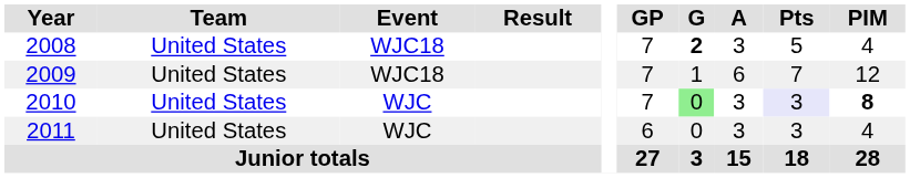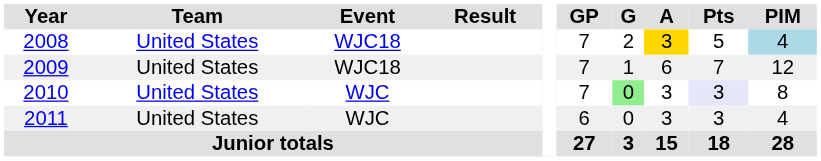 <table border="0" cellpadding="1" cellspacing="0" style="text-align:center; width:40em">
 <tr ALIGN="center" bgcolor="#e0e0e0">
 <th>Year</th>
 <th>Team</th>
 <th>Event</th>
 <th>Result</th>
 <th rowspan="99" bgcolor="#ffffff"> </th>
 <th>GP</th>
 <th>G</th>
 <th>A</th>
 <th>Pts</th>
 <th>PIM</th>
 </tr>
 <tr>
 <td><a href='#'>2008</a></td>
 <td><a href='#'>United States</a></td>
 <td><a href='#'>WJC18</a></td>
 <td></td>
 <td>7</td>
-<td><strong>2</strong></td>
-<td>3</td>
+<td>2</td>
+<td style="background: gold;">3</td>
 <td>5</td>
-<td>4</td>
+<td style="background: lightblue;">4</td>
 </tr>
 <tr bgcolor="#f0f0f0">
 <td><a href='#'>2009</a></td>
 <td>United States</td>
 <td>WJC18</td>
 <td></td>
 <td>7</td>
 <td>1</td>
 <td>6</td>
 <td>7</td>
 <td>12</td>
 </tr>
 <tr>
 <td><a href='#'>2010</a></td>
 <td><a href='#'>United States</a></td>
 <td><a href='#'>WJC</a></td>
 <td></td>
 <td>7</td>
 <td style="background: lightgreen;">0</td>
 <td>3</td>
 <td style="background: lavender;">3</td>
-<td><strong>8</strong></td>
+<td>8</td>
 </tr>
 <tr bgcolor="#f0f0f0">
 <td><a href='#'>2011</a></td>
 <td>United States</td>
 <td>WJC</td>
 <td></td>
 <td>6</td>
 <td>0</td>
 <td>3</td>
 <td>3</td>
 <td>4</td>
 </tr>
 <tr bgcolor="#e0e0e0">
 <td colspan="4"><strong>Junior totals</strong></td>
 <th>27</th>
 <th>3</th>
 <th>15</th>
 <th>18</th>
 <th>28</th>
 </tr>
 </table>
